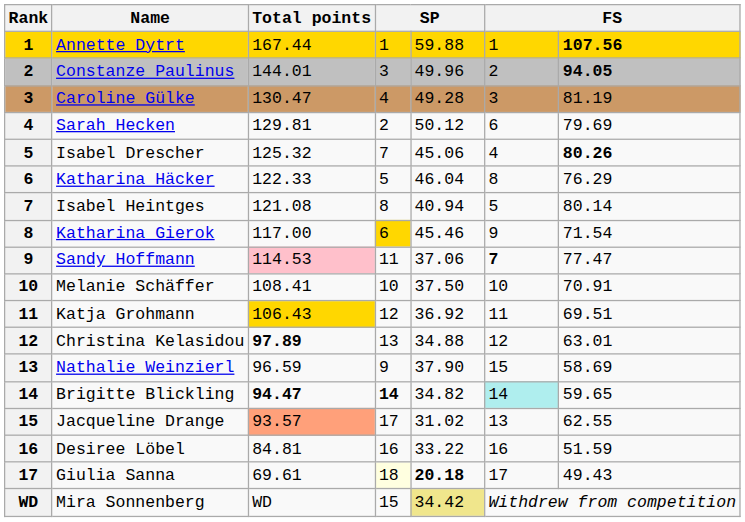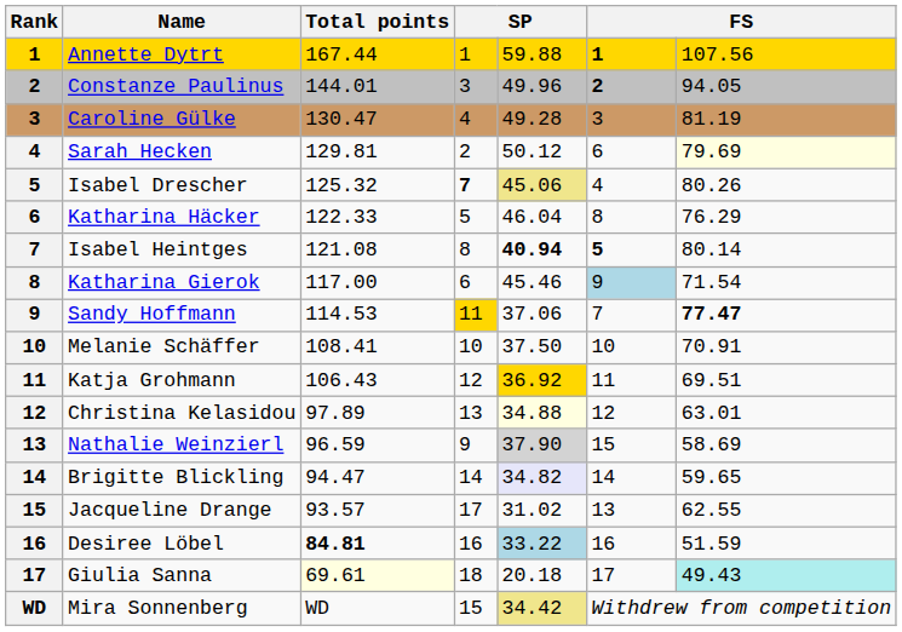 <table class="wikitable">
 <tr>
 <th>Rank</th>
 <th>Name</th>
 <th>Total points</th>
 <th colspan="2" width="80px">SP</th>
 <th colspan="2" width="80px">FS</th>
 </tr>
 <tr bgcolor="gold">
 <td align="center"><strong>1</strong></td>
 <td><a href='#'>Annette Dytrt</a></td>
 <td>167.44</td>
 <td>1</td>
 <td>59.88</td>
-<td>1</td>
-<td><strong>107.56</strong></td>
+<td><strong>1</strong></td>
+<td>107.56</td>
 </tr>
 <tr bgcolor="silver">
 <td align="center"><strong>2</strong></td>
 <td><a href='#'>Constanze Paulinus</a></td>
 <td>144.01</td>
 <td>3</td>
 <td>49.96</td>
-<td>2</td>
-<td><strong>94.05</strong></td>
+<td><strong>2</strong></td>
+<td>94.05</td>
 </tr>
 <tr bgcolor="cc9966">
 <td align="center"><strong>3</strong></td>
 <td><a href='#'>Caroline Gülke</a></td>
 <td>130.47</td>
 <td>4</td>
 <td>49.28</td>
 <td>3</td>
 <td>81.19</td>
 </tr>
 <tr>
 <th>4</th>
 <td><a href='#'>Sarah Hecken</a></td>
 <td>129.81</td>
 <td>2</td>
 <td>50.12</td>
 <td>6</td>
-<td>79.69</td>
+<td style="background: lightyellow;">79.69</td>
 </tr>
 <tr>
 <th>5</th>
 <td>Isabel Drescher</td>
 <td>125.32</td>
-<td>7</td>
-<td>45.06</td>
+<td><strong>7</strong></td>
+<td style="background: khaki;">45.06</td>
 <td>4</td>
-<td><strong>80.26</strong></td>
+<td>80.26</td>
 </tr>
 <tr>
 <th>6</th>
 <td><a href='#'>Katharina Häcker</a></td>
 <td>122.33</td>
 <td>5</td>
 <td>46.04</td>
 <td>8</td>
 <td>76.29</td>
 </tr>
 <tr>
 <th>7</th>
 <td>Isabel Heintges</td>
 <td>121.08</td>
 <td>8</td>
-<td>40.94</td>
-<td>5</td>
+<td><strong>40.94</strong></td>
+<td><strong>5</strong></td>
 <td>80.14</td>
 </tr>
 <tr>
 <th>8</th>
 <td><a href='#'>Katharina Gierok</a></td>
 <td>117.00</td>
-<td style="background: gold;">6</td>
+<td>6</td>
 <td>45.46</td>
-<td>9</td>
+<td style="background: lightblue;">9</td>
 <td>71.54</td>
 </tr>
 <tr>
 <th>9</th>
 <td><a href='#'>Sandy Hoffmann</a></td>
-<td style="background: pink;">114.53</td>
-<td>11</td>
+<td>114.53</td>
+<td style="background: gold;">11</td>
 <td>37.06</td>
-<td><strong>7</strong></td>
-<td>77.47</td>
+<td>7</td>
+<td><strong>77.47</strong></td>
 </tr>
 <tr>
 <th>10</th>
 <td>Melanie Schäffer</td>
 <td>108.41</td>
 <td>10</td>
 <td>37.50</td>
 <td>10</td>
 <td>70.91</td>
 </tr>
 <tr>
 <th>11</th>
 <td>Katja Grohmann</td>
-<td style="background: gold;">106.43</td>
+<td>106.43</td>
 <td>12</td>
-<td>36.92</td>
+<td style="background: gold;">36.92</td>
 <td>11</td>
 <td>69.51</td>
 </tr>
 <tr>
 <th>12</th>
 <td>Christina Kelasidou</td>
-<td><strong>97.89</strong></td>
+<td>97.89</td>
 <td>13</td>
-<td>34.88</td>
+<td style="background: lightyellow;">34.88</td>
 <td>12</td>
 <td>63.01</td>
 </tr>
 <tr>
 <th>13</th>
 <td><a href='#'>Nathalie Weinzierl</a></td>
 <td>96.59</td>
 <td>9</td>
-<td>37.90</td>
+<td style="background: lightgrey;">37.90</td>
 <td>15</td>
 <td>58.69</td>
 </tr>
 <tr>
 <th>14</th>
 <td>Brigitte Blickling</td>
-<td><strong>94.47</strong></td>
-<td><strong>14</strong></td>
-<td>34.82</td>
-<td style="background: paleturquoise;">14</td>
+<td>94.47</td>
+<td>14</td>
+<td style="background: lavender;">34.82</td>
+<td>14</td>
 <td>59.65</td>
 </tr>
 <tr>
 <th>15</th>
 <td>Jacqueline Drange</td>
-<td style="background: lightsalmon;">93.57</td>
+<td>93.57</td>
 <td>17</td>
 <td>31.02</td>
 <td>13</td>
 <td>62.55</td>
 </tr>
 <tr>
 <th>16</th>
 <td>Desiree Löbel</td>
-<td>84.81</td>
+<td><strong>84.81</strong></td>
 <td>16</td>
-<td>33.22</td>
+<td style="background: lightblue;">33.22</td>
 <td>16</td>
 <td>51.59</td>
 </tr>
 <tr>
 <th>17</th>
 <td>Giulia Sanna</td>
-<td>69.61</td>
-<td style="background: lightyellow;">18</td>
-<td><strong>20.18</strong></td>
+<td style="background: lightyellow;">69.61</td>
+<td>18</td>
+<td>20.18</td>
 <td>17</td>
-<td>49.43</td>
+<td style="background: paleturquoise;">49.43</td>
 </tr>
 <tr>
 <th>WD</th>
 <td>Mira Sonnenberg</td>
 <td>WD</td>
 <td>15</td>
 <td style="background: khaki;">34.42</td>
 <td colspan="2"><em>Withdrew from competition</em></td>
 </tr>
 </table>
